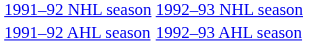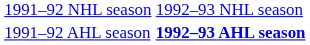 <table>
 <tr>
 <td><a href='#'>1991–92 NHL season</a></td>
 <td><a href='#'>1992–93 NHL season</a></td>
 </tr>
 <tr>
 <td><a href='#'>1991–92 AHL season</a></td>
-<td><a href='#'>1992–93 AHL season</a></td>
+<td><strong><a href='#'>1992–93 AHL season</a></strong></td>
 </tr>
 <tr>
 </tr>
 </table>
